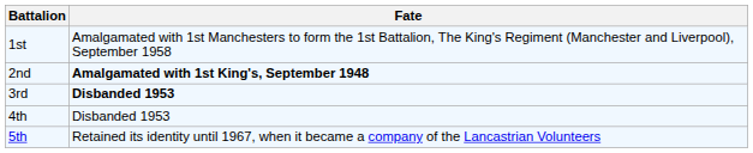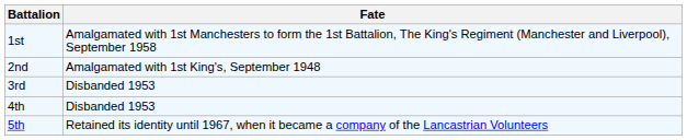 <table class="wikitable" style="width:100%;">
 <tr>
 <th>Battalion</th>
 <th>Fate</th>
 </tr>
 <tr style="background:#f0f8ff;">
 <td>1st</td>
 <td>Amalgamated with 1st Manchesters to form the 1st Battalion, The King's Regiment (Manchester and Liverpool), September 1958</td>
 </tr>
 <tr style="background:#f0f8ff;">
 <td>2nd</td>
-<td><strong>Amalgamated with 1st King's, September 1948</strong></td>
+<td>Amalgamated with 1st King's, September 1948</td>
 </tr>
 <tr style="background:#f0f8ff;">
 <td>3rd</td>
-<td><strong>Disbanded 1953</strong></td>
+<td>Disbanded 1953</td>
 </tr>
 <tr style="background:#f0f8ff;">
 <td>4th</td>
 <td>Disbanded 1953</td>
 </tr>
 <tr style="background:#f0f8ff;">
 <td><a href='#'>5th</a></td>
 <td>Retained its identity until 1967, when it became a <a href='#'>company</a> of the <a href='#'>Lancastrian Volunteers</a></td>
 </tr>
 </table>
